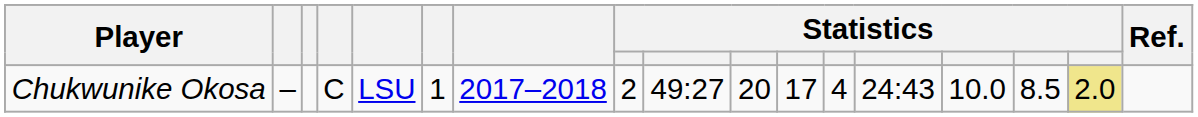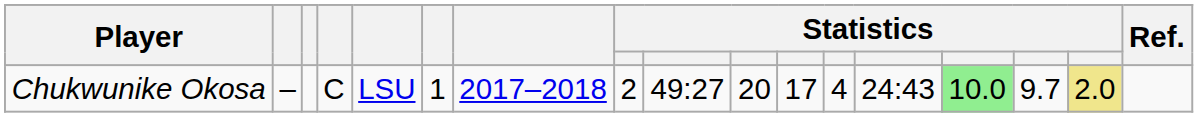 <table class="wikitable sortable" style="font-size:95%; text-align:right;">
 <tr>
 <th rowspan="2">Player</th>
 <th rowspan="2"></th>
 <th rowspan="2"></th>
 <th rowspan="2"></th>
 <th rowspan="2"></th>
 <th rowspan="2"></th>
 <th rowspan="2"></th>
 <th colspan="9">Statistics</th>
 <th rowspan="2">Ref.</th>
 </tr>
 <tr>
 <th></th>
 <th></th>
 <th></th>
 <th></th>
 <th></th>
 <th></th>
 <th></th>
 <th></th>
 <th></th>
 </tr>
 <tr>
 <td align="left"><em>Chukwunike Okosa</em></td>
 <td align="left">–</td>
 <td align="center"></td>
 <td align="center">C</td>
 <td align="left"><a href='#'>LSU</a></td>
 <td align="center">1</td>
 <td align="center"><a href='#'>2017–2018</a></td>
 <td>2</td>
 <td>49:27</td>
 <td>20</td>
 <td>17</td>
 <td>4</td>
 <td>24:43</td>
-<td>10.0</td>
-<td>8.5</td>
+<td style="background: lightgreen;">10.0</td>
+<td>9.7</td>
 <td style="background: khaki;">2.0</td>
 <td align="center"></td>
 </tr>
 </table>
